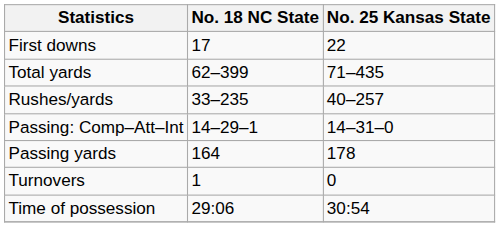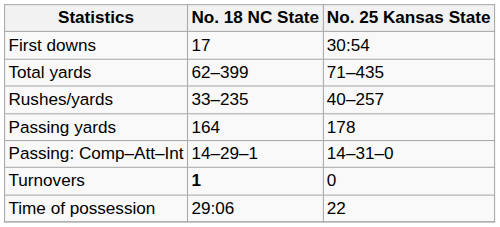 <table class="wikitable" style="float: left;">
 <tr>
 <th>Statistics</th>
 <th>No. 18 NC State</th>
 <th>No. 25 Kansas State</th>
 </tr>
 <tr>
 <td>First downs</td>
 <td>17</td>
-<td>22</td>
+<td>30:54</td>
 </tr>
 <tr>
 <td>Total yards</td>
 <td>62–399</td>
 <td>71–435</td>
 </tr>
 <tr>
 <td>Rushes/yards</td>
 <td>33–235</td>
 <td>40–257</td>
 </tr>
 <tr>
+<td>Passing yards</td>
+<td>164</td>
+<td>178</td>
+</tr>
+<tr>
 <td>Passing: Comp–Att–Int</td>
 <td>14–29–1</td>
 <td>14–31–0</td>
 </tr>
 <tr>
-<td>Passing yards</td>
-<td>164</td>
-<td>178</td>
-</tr>
-<tr>
 <td>Turnovers</td>
-<td>1</td>
+<td><strong>1</strong></td>
 <td>0</td>
 </tr>
 <tr>
 <td>Time of possession</td>
 <td>29:06</td>
-<td>30:54</td>
+<td>22</td>
 </tr>
 <tr>
 </tr>
 </table>
